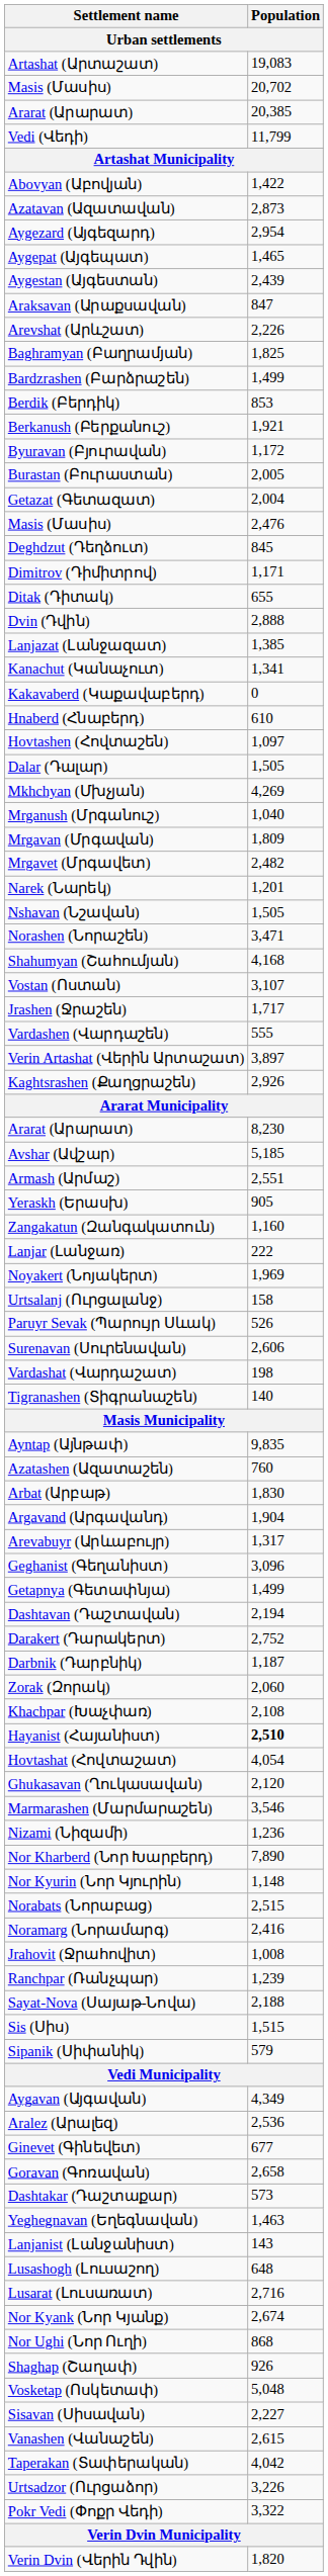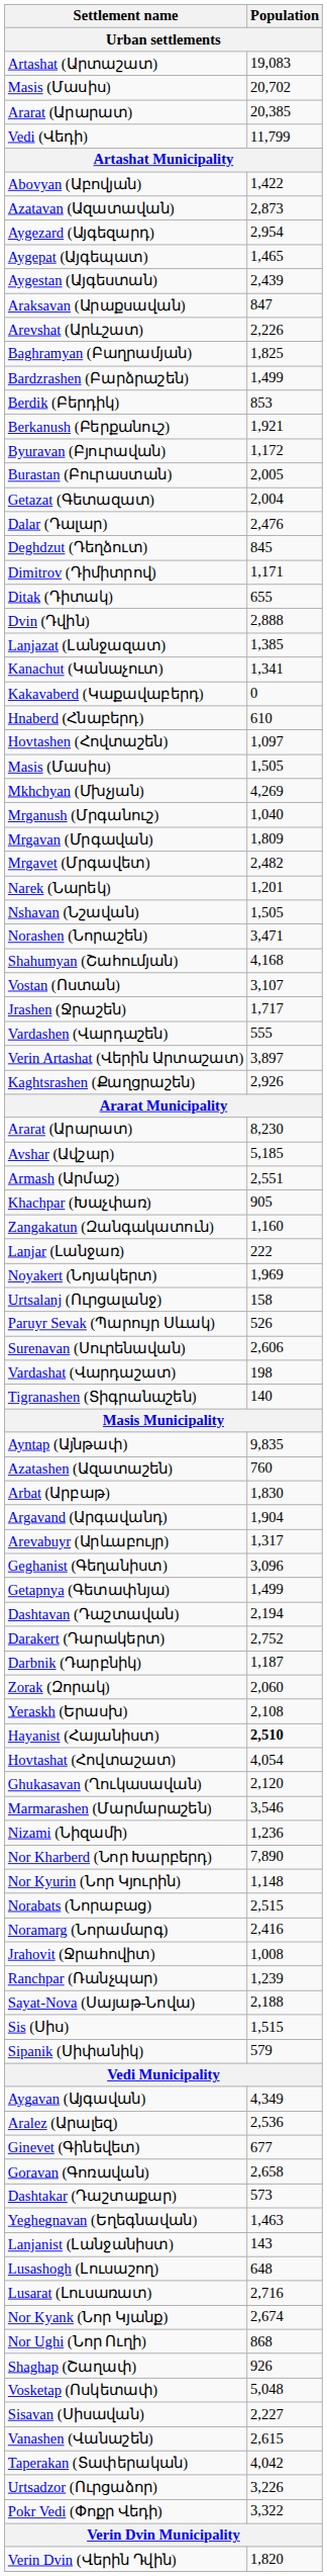 <table class="wikitable">
 <tr>
 <th>Settlement name</th>
 <th>Population</th>
 </tr>
 <tr>
 <th colspan="2">Urban settlements</th>
 </tr>
 <tr>
 <td><a href='#'>Artashat</a> (Արտաշատ)</td>
 <td>19,083</td>
 </tr>
 <tr>
 <td><a href='#'>Masis</a> (Մասիս)</td>
 <td>20,702</td>
 </tr>
 <tr>
 <td><a href='#'>Ararat</a> (Արարատ)</td>
 <td>20,385</td>
 </tr>
 <tr>
 <td><a href='#'>Vedi</a> (Վեդի)</td>
 <td>11,799</td>
 </tr>
 <tr>
 <th colspan="2"><a href='#'>Artashat Municipality</a></th>
 </tr>
 <tr>
 <td><a href='#'>Abovyan</a> (Աբովյան)</td>
 <td>1,422</td>
 </tr>
 <tr>
 <td><a href='#'>Azatavan</a> (Ազատավան)</td>
 <td>2,873</td>
 </tr>
 <tr>
 <td><a href='#'>Aygezard</a> (Այգեզարդ)</td>
 <td>2,954</td>
 </tr>
 <tr>
 <td><a href='#'>Aygepat</a> (Այգեպատ)</td>
 <td>1,465</td>
 </tr>
 <tr>
 <td><a href='#'>Aygestan</a> (Այգեստան)</td>
 <td>2,439</td>
 </tr>
 <tr>
 <td><a href='#'>Araksavan</a> (Արաքսավան)</td>
 <td>847</td>
 </tr>
 <tr>
 <td><a href='#'>Arevshat</a> (Արևշատ)</td>
 <td>2,226</td>
 </tr>
 <tr>
 <td><a href='#'>Baghramyan</a> (Բաղրամյան)</td>
 <td>1,825</td>
 </tr>
 <tr>
 <td><a href='#'>Bardzrashen</a> (Բարձրաշեն)</td>
 <td>1,499</td>
 </tr>
 <tr>
 <td><a href='#'>Berdik</a> (Բերդիկ)</td>
 <td>853</td>
 </tr>
 <tr>
 <td><a href='#'>Berkanush</a> (Բերքանուշ)</td>
 <td>1,921</td>
 </tr>
 <tr>
 <td><a href='#'>Byuravan</a> (Բյուրավան)</td>
 <td>1,172</td>
 </tr>
 <tr>
 <td><a href='#'>Burastan</a> (Բուրաստան)</td>
 <td>2,005</td>
 </tr>
 <tr>
 <td><a href='#'>Getazat</a> (Գետազատ)</td>
 <td>2,004</td>
 </tr>
 <tr>
-<td><a href='#'>Masis</a> (Մասիս)</td>
+<td><a href='#'>Dalar</a> (Դալար)</td>
 <td>2,476</td>
 </tr>
 <tr>
 <td><a href='#'>Deghdzut</a> (Դեղձուտ)</td>
 <td>845</td>
 </tr>
 <tr>
 <td><a href='#'>Dimitrov</a> (Դիմիտրով)</td>
 <td>1,171</td>
 </tr>
 <tr>
 <td><a href='#'>Ditak</a> (Դիտակ)</td>
 <td>655</td>
 </tr>
 <tr>
 <td><a href='#'>Dvin</a> (Դվին)</td>
 <td>2,888</td>
 </tr>
 <tr>
 <td><a href='#'>Lanjazat</a> (Լանջազատ)</td>
 <td>1,385</td>
 </tr>
 <tr>
 <td><a href='#'>Kanachut</a> (Կանաչուտ)</td>
 <td>1,341</td>
 </tr>
 <tr>
 <td><a href='#'>Kakavaberd</a> (Կաքավաբերդ)</td>
 <td>0</td>
 </tr>
 <tr>
 <td><a href='#'>Hnaberd</a> (Հնաբերդ)</td>
 <td>610</td>
 </tr>
 <tr>
 <td><a href='#'>Hovtashen</a> (Հովտաշեն)</td>
 <td>1,097</td>
 </tr>
 <tr>
-<td><a href='#'>Dalar</a> (Դալար)</td>
+<td><a href='#'>Masis</a> (Մասիս)</td>
 <td>1,505</td>
 </tr>
 <tr>
 <td><a href='#'>Mkhchyan</a> (Մխչյան)</td>
 <td>4,269</td>
 </tr>
 <tr>
 <td><a href='#'>Mrganush</a> (Մրգանուշ)</td>
 <td>1,040</td>
 </tr>
 <tr>
 <td><a href='#'>Mrgavan</a> (Մրգավան)</td>
 <td>1,809</td>
 </tr>
 <tr>
 <td><a href='#'>Mrgavet</a> (Մրգավետ)</td>
 <td>2,482</td>
 </tr>
 <tr>
 <td><a href='#'>Narek</a> (Նարեկ)</td>
 <td>1,201</td>
 </tr>
 <tr>
 <td><a href='#'>Nshavan</a> (Նշավան)</td>
 <td>1,505</td>
 </tr>
 <tr>
 <td><a href='#'>Norashen</a> (Նորաշեն)</td>
 <td>3,471</td>
 </tr>
 <tr>
 <td><a href='#'>Shahumyan</a> (Շահումյան)</td>
 <td>4,168</td>
 </tr>
 <tr>
 <td><a href='#'>Vostan</a> (Ոստան)</td>
 <td>3,107</td>
 </tr>
 <tr>
 <td><a href='#'>Jrashen</a> (Ջրաշեն)</td>
 <td>1,717</td>
 </tr>
 <tr>
 <td><a href='#'>Vardashen</a> (Վարդաշեն)</td>
 <td>555</td>
 </tr>
 <tr>
 <td><a href='#'>Verin Artashat</a> (Վերին Արտաշատ)</td>
 <td>3,897</td>
 </tr>
 <tr>
 <td><a href='#'>Kaghtsrashen</a> (Քաղցրաշեն)</td>
 <td>2,926</td>
 </tr>
 <tr>
 <th colspan="2"><a href='#'>Ararat Municipality</a></th>
 </tr>
 <tr>
 <td><a href='#'>Ararat</a> (Արարատ)</td>
 <td>8,230</td>
 </tr>
 <tr>
 <td><a href='#'>Avshar</a> (Ավշար)</td>
 <td>5,185</td>
 </tr>
 <tr>
 <td><a href='#'>Armash</a> (Արմաշ)</td>
 <td>2,551</td>
 </tr>
 <tr>
-<td><a href='#'>Yeraskh</a> (Երասխ)</td>
+<td><a href='#'>Khachpar</a> (Խաչփառ)</td>
 <td>905</td>
 </tr>
 <tr>
 <td><a href='#'>Zangakatun</a> (Զանգակատուն)</td>
 <td>1,160</td>
 </tr>
 <tr>
 <td><a href='#'>Lanjar</a> (Լանջառ)</td>
 <td>222</td>
 </tr>
 <tr>
 <td><a href='#'>Noyakert</a> (Նոյակերտ)</td>
 <td>1,969</td>
 </tr>
 <tr>
 <td><a href='#'>Urtsalanj</a> (Ուրցալանջ)</td>
 <td>158</td>
 </tr>
 <tr>
 <td><a href='#'>Paruyr Sevak</a> (Պարույր Սևակ)</td>
 <td>526</td>
 </tr>
 <tr>
 <td><a href='#'>Surenavan</a> (Սուրենավան)</td>
 <td>2,606</td>
 </tr>
 <tr>
 <td><a href='#'>Vardashat</a> (Վարդաշատ)</td>
 <td>198</td>
 </tr>
 <tr>
 <td><a href='#'>Tigranashen</a> (Տիգրանաշեն)</td>
 <td>140</td>
 </tr>
 <tr>
 <th colspan="2"><a href='#'>Masis Municipality</a></th>
 </tr>
 <tr>
 <td><a href='#'>Ayntap</a> (Այնթափ)</td>
 <td>9,835</td>
 </tr>
 <tr>
 <td><a href='#'>Azatashen</a> (Ազատաշեն)</td>
 <td>760</td>
 </tr>
 <tr>
 <td><a href='#'>Arbat</a> (Արբաթ)</td>
 <td>1,830</td>
 </tr>
 <tr>
 <td><a href='#'>Argavand</a> (Արգավանդ)</td>
 <td>1,904</td>
 </tr>
 <tr>
 <td><a href='#'>Arevabuyr</a> (Արևաբույր)</td>
 <td>1,317</td>
 </tr>
 <tr>
 <td><a href='#'>Geghanist</a> (Գեղանիստ)</td>
 <td>3,096</td>
 </tr>
 <tr>
 <td><a href='#'>Getapnya</a> (Գետափնյա)</td>
 <td>1,499</td>
 </tr>
 <tr>
 <td><a href='#'>Dashtavan</a> (Դաշտավան)</td>
 <td>2,194</td>
 </tr>
 <tr>
 <td><a href='#'>Darakert</a> (Դարակերտ)</td>
 <td>2,752</td>
 </tr>
 <tr>
 <td><a href='#'>Darbnik</a> (Դարբնիկ)</td>
 <td>1,187</td>
 </tr>
 <tr>
 <td><a href='#'>Zorak</a> (Զորակ)</td>
 <td>2,060</td>
 </tr>
 <tr>
-<td><a href='#'>Khachpar</a> (Խաչփառ)</td>
+<td><a href='#'>Yeraskh</a> (Երասխ)</td>
 <td>2,108</td>
 </tr>
 <tr>
 <td><a href='#'>Hayanist</a> (Հայանիստ)</td>
 <td><strong>2,510</strong></td>
 </tr>
 <tr>
 <td><a href='#'>Hovtashat</a> (Հովտաշատ)</td>
 <td>4,054</td>
 </tr>
 <tr>
 <td><a href='#'>Ghukasavan</a> (Ղուկասավան)</td>
 <td>2,120</td>
 </tr>
 <tr>
 <td><a href='#'>Marmarashen</a> (Մարմարաշեն)</td>
 <td>3,546</td>
 </tr>
 <tr>
 <td><a href='#'>Nizami</a> (Նիզամի)</td>
 <td>1,236</td>
 </tr>
 <tr>
 <td><a href='#'>Nor Kharberd</a> (Նոր Խարբերդ)</td>
 <td>7,890</td>
 </tr>
 <tr>
 <td><a href='#'>Nor Kyurin</a> (Նոր Կյուրին)</td>
 <td>1,148</td>
 </tr>
 <tr>
 <td><a href='#'>Norabats</a> (Նորաբաց)</td>
 <td>2,515</td>
 </tr>
 <tr>
 <td><a href='#'>Noramarg</a> (Նորամարգ)</td>
 <td>2,416</td>
 </tr>
 <tr>
 <td><a href='#'>Jrahovit</a> (Ջրահովիտ)</td>
 <td>1,008</td>
 </tr>
 <tr>
 <td><a href='#'>Ranchpar</a> (Ռանչպար)</td>
 <td>1,239</td>
 </tr>
 <tr>
 <td><a href='#'>Sayat-Nova</a> (Սայաթ-Նովա)</td>
 <td>2,188</td>
 </tr>
 <tr>
 <td><a href='#'>Sis</a> (Սիս)</td>
 <td>1,515</td>
 </tr>
 <tr>
 <td><a href='#'>Sipanik</a> (Սիփանիկ)</td>
 <td>579</td>
 </tr>
 <tr>
 <th colspan="2"><a href='#'>Vedi Municipality</a></th>
 </tr>
 <tr>
 <td><a href='#'>Aygavan</a> (Այգավան)</td>
 <td>4,349</td>
 </tr>
 <tr>
 <td><a href='#'>Aralez</a> (Արալեզ)</td>
 <td>2,536</td>
 </tr>
 <tr>
 <td><a href='#'>Ginevet</a> (Գինեվետ)</td>
 <td>677</td>
 </tr>
 <tr>
 <td><a href='#'>Goravan</a> (Գոռավան)</td>
 <td>2,658</td>
 </tr>
 <tr>
 <td><a href='#'>Dashtakar</a> (Դաշտաքար)</td>
 <td>573</td>
 </tr>
 <tr>
 <td><a href='#'>Yeghegnavan</a> (Եղեգնավան)</td>
 <td>1,463</td>
 </tr>
 <tr>
 <td><a href='#'>Lanjanist</a> (Լանջանիստ)</td>
 <td>143</td>
 </tr>
 <tr>
 <td><a href='#'>Lusashogh</a> (Լուսաշող)</td>
 <td>648</td>
 </tr>
 <tr>
 <td><a href='#'>Lusarat</a> (Լուսառատ)</td>
 <td>2,716</td>
 </tr>
 <tr>
 <td><a href='#'>Nor Kyank</a> (Նոր Կյանք)</td>
 <td>2,674</td>
 </tr>
 <tr>
 <td><a href='#'>Nor Ughi</a> (Նոր Ուղի)</td>
 <td>868</td>
 </tr>
 <tr>
 <td><a href='#'>Shaghap</a> (Շաղափ)</td>
 <td>926</td>
 </tr>
 <tr>
 <td><a href='#'>Vosketap</a> (Ոսկետափ)</td>
 <td>5,048</td>
 </tr>
 <tr>
 <td><a href='#'>Sisavan</a> (Սիսավան)</td>
 <td>2,227</td>
 </tr>
 <tr>
 <td><a href='#'>Vanashen</a> (Վանաշեն)</td>
 <td>2,615</td>
 </tr>
 <tr>
 <td><a href='#'>Taperakan</a> (Տափերական)</td>
 <td>4,042</td>
 </tr>
 <tr>
 <td><a href='#'>Urtsadzor</a> (Ուրցաձոր)</td>
 <td>3,226</td>
 </tr>
 <tr>
 <td><a href='#'>Pokr Vedi</a> (Փոքր Վեդի)</td>
 <td>3,322</td>
 </tr>
 <tr>
 <th colspan="2"><a href='#'>Verin Dvin Municipality</a></th>
 </tr>
 <tr>
 <td><a href='#'>Verin Dvin</a> (Վերին Դվին)</td>
 <td>1,820</td>
 </tr>
 </table>
